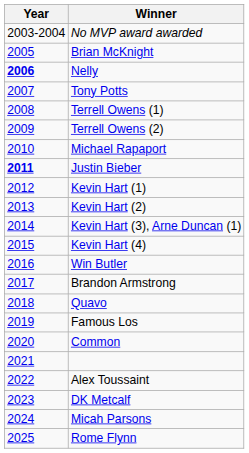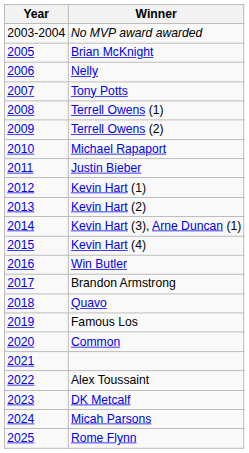 <table class="wikitable sortable" style="margin: 1em 1em 1em 0; background: #f9f9f9; border: 1px #aaa solid; border-collapse: collapse">
 <tr>
 <th>Year</th>
 <th>Winner</th>
 </tr>
 <tr>
 <td>2003-2004</td>
 <td><em>No MVP award awarded</em></td>
 </tr>
 <tr>
 <td><a href='#'>2005</a></td>
 <td><a href='#'>Brian McKnight</a></td>
 </tr>
 <tr>
-<td><strong><a href='#'>2006</a></strong></td>
+<td><a href='#'>2006</a></td>
 <td><a href='#'>Nelly</a></td>
 </tr>
 <tr>
 <td><a href='#'>2007</a></td>
 <td><a href='#'>Tony Potts</a></td>
 </tr>
 <tr>
 <td><a href='#'>2008</a></td>
 <td><a href='#'>Terrell Owens</a> (1)</td>
 </tr>
 <tr>
 <td><a href='#'>2009</a></td>
 <td><a href='#'>Terrell Owens</a> (2)</td>
 </tr>
 <tr>
 <td><a href='#'>2010</a></td>
 <td><a href='#'>Michael Rapaport</a></td>
 </tr>
 <tr>
-<td><strong><a href='#'>2011</a></strong></td>
+<td><a href='#'>2011</a></td>
 <td><a href='#'>Justin Bieber</a>  </td>
 </tr>
 <tr>
 <td><a href='#'>2012</a></td>
 <td><a href='#'>Kevin Hart</a> (1)</td>
 </tr>
 <tr>
 <td><a href='#'>2013</a></td>
 <td><a href='#'>Kevin Hart</a> (2)</td>
 </tr>
 <tr>
 <td><a href='#'>2014</a></td>
 <td><a href='#'>Kevin Hart</a> (3), <a href='#'>Arne Duncan</a> (1)</td>
 </tr>
 <tr>
 <td><a href='#'>2015</a></td>
 <td><a href='#'>Kevin Hart</a> (4)</td>
 </tr>
 <tr>
 <td><a href='#'>2016</a></td>
 <td><a href='#'>Win Butler</a></td>
 </tr>
 <tr>
 <td><a href='#'>2017</a></td>
 <td>Brandon Armstrong</td>
 </tr>
 <tr>
 <td><a href='#'>2018</a></td>
 <td><a href='#'>Quavo</a></td>
 </tr>
 <tr>
 <td><a href='#'>2019</a></td>
 <td>Famous Los</td>
 </tr>
 <tr>
 <td><a href='#'>2020</a></td>
 <td><a href='#'>Common</a></td>
 </tr>
 <tr>
 <td><a href='#'>2021</a></td>
 <td></td>
 </tr>
 <tr>
 <td><a href='#'>2022</a></td>
 <td>Alex Toussaint</td>
 </tr>
 <tr>
 <td><a href='#'>2023</a></td>
 <td><a href='#'>DK Metcalf</a></td>
 </tr>
 <tr>
 <td><a href='#'>2024</a></td>
 <td><a href='#'>Micah Parsons</a></td>
 </tr>
 <tr>
 <td><a href='#'>2025</a></td>
 <td><a href='#'>Rome Flynn</a></td>
 </tr>
 </table>
